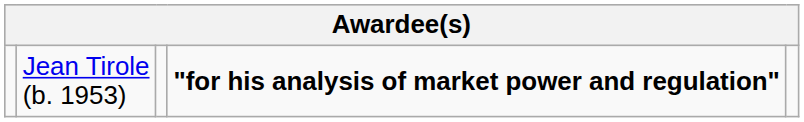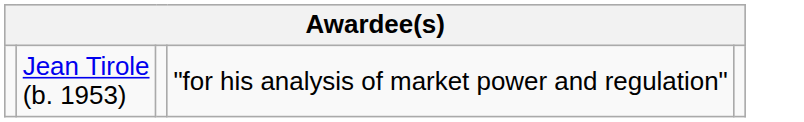 <table class="wikitable">
 <tr>
 <th colspan="5">Awardee(s)</th>
 </tr>
 <tr>
 <td></td>
 <td><a href='#'>Jean Tirole</a><br>(b. 1953)</td>
 <td></td>
-<td><strong>"for his analysis of market power and regulation"</strong></td>
+<td>"for his analysis of market power and regulation"</td>
 <td></td>
 </tr>
 </table>
